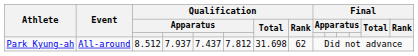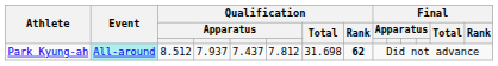 <table class="wikitable" style="font-size:90%">
 <tr>
 <th rowspan=3>Athlete</th>
 <th rowspan=3>Event</th>
 <th colspan=6>Qualification</th>
 <th colspan=6>Final</th>
 </tr>
 <tr style="font-size:95%">
 <th colspan=4>Apparatus</th>
 <th rowspan=2>Total</th>
 <th rowspan=2>Rank</th>
 <th colspan=4>Apparatus</th>
 <th rowspan=2>Total</th>
 <th rowspan=2>Rank</th>
 </tr>
 <tr style="font-size:95%">
 <th></th>
 <th></th>
 <th></th>
 <th></th>
 <th></th>
 <th></th>
 <th></th>
 <th></th>
 </tr>
 <tr align=center>
 <td align=left><a href='#'>Park Kyung-ah</a></td>
-<td align=left><a href='#'>All-around</a></td>
+<td align=left style="background: paleturquoise;"><a href='#'>All-around</a></td>
 <td>8.512</td>
 <td>7.937</td>
 <td>7.437</td>
 <td>7.812</td>
 <td>31.698</td>
-<td>62</td>
+<td><strong>62</strong></td>
 <td colspan=6>Did not advance</td>
 </tr>
 </table>
